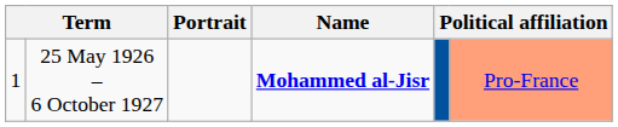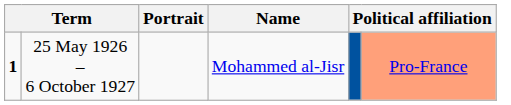 <table class="wikitable" style="text-align:center">
 <tr>
 <th colspan="2">Term</th>
 <th>Portrait</th>
 <th>Name</th>
 <th colspan="2">Political affiliation</th>
 </tr>
 <tr>
-<td>1</td>
+<td><strong>1</strong></td>
 <td>25 May 1926<br>–<br>6 October 1927</td>
 <td></td>
-<td><strong><a href='#'>Mohammed al-Jisr</a></strong></td>
+<td><a href='#'>Mohammed al-Jisr</a></td>
 <td style="background-color:#00529F; color:white;"></td>
 <td style="background: lightsalmon;"><a href='#'>Pro-France</a></td>
 </tr>
 </table>
